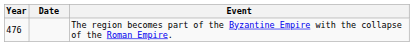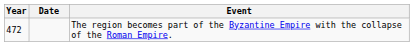 <table class="wikitable" width="100%">
 <tr>
 <th style="width:6%">Year</th>
 <th style="width:10%">Date</th>
 <th>Event</th>
 </tr>
 <tr>
-<td>476</td>
+<td>472</td>
 <td></td>
 <td>The region becomes part of the <a href='#'>Byzantine Empire</a> with the collapse of the <a href='#'>Roman Empire</a>.</td>
 </tr>
 </table>
